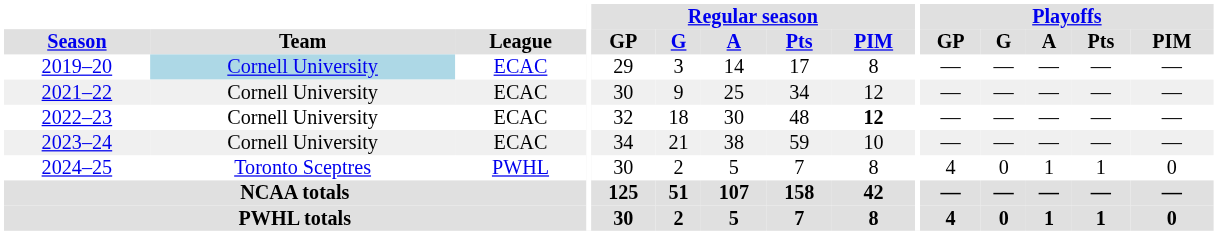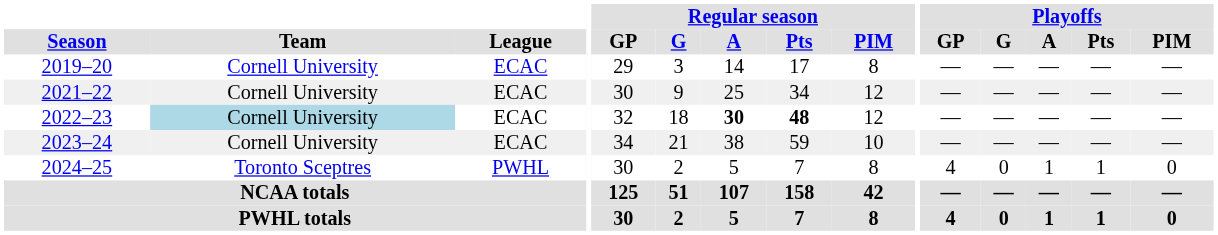 <table border="0" cellpadding="1" cellspacing="0" style="text-align:center; width:60em">
 <tr bgcolor="#e0e0e0">
 <th colspan="3" bgcolor="#ffffff"></th>
 <th rowspan="99" bgcolor="#ffffff"></th>
 <th colspan="5"><a href='#'>Regular season</a></th>
 <th rowspan="99" bgcolor="#ffffff"></th>
 <th colspan="5"><a href='#'>Playoffs</a></th>
 </tr>
 <tr bgcolor="#e0e0e0">
 <th><a href='#'>Season</a></th>
 <th>Team</th>
 <th>League</th>
 <th>GP</th>
 <th><a href='#'>G</a></th>
 <th><a href='#'>A</a></th>
 <th><a href='#'>Pts</a></th>
 <th><a href='#'>PIM</a></th>
 <th>GP</th>
 <th>G</th>
 <th>A</th>
 <th>Pts</th>
 <th>PIM</th>
 </tr>
 <tr>
 <td><a href='#'>2019–20</a></td>
-<td style="background: lightblue;"><a href='#'>Cornell University</a></td>
+<td><a href='#'>Cornell University</a></td>
 <td><a href='#'>ECAC</a></td>
 <td>29</td>
 <td>3</td>
 <td>14</td>
 <td>17</td>
 <td>8</td>
 <td>—</td>
 <td>—</td>
 <td>—</td>
 <td>—</td>
 <td>—</td>
 </tr>
 <tr bgcolor="#f0f0f0">
 <td><a href='#'>2021–22</a></td>
 <td>Cornell University</td>
 <td>ECAC</td>
 <td>30</td>
 <td>9</td>
 <td>25</td>
 <td>34</td>
 <td>12</td>
 <td>—</td>
 <td>—</td>
 <td>—</td>
 <td>—</td>
 <td>—</td>
 </tr>
 <tr>
 <td><a href='#'>2022–23</a></td>
-<td>Cornell University</td>
+<td style="background: lightblue;">Cornell University</td>
 <td>ECAC</td>
 <td>32</td>
 <td>18</td>
-<td>30</td>
-<td>48</td>
-<td><strong>12</strong></td>
+<td><strong>30</strong></td>
+<td><strong>48</strong></td>
+<td>12</td>
 <td>—</td>
 <td>—</td>
 <td>—</td>
 <td>—</td>
 <td>—</td>
 </tr>
 <tr bgcolor="#f0f0f0">
 <td><a href='#'>2023–24</a></td>
 <td>Cornell University</td>
 <td>ECAC</td>
 <td>34</td>
 <td>21</td>
 <td>38</td>
 <td>59</td>
 <td>10</td>
 <td>—</td>
 <td>—</td>
 <td>—</td>
 <td>—</td>
 <td>—</td>
 </tr>
 <tr>
 <td><a href='#'>2024–25</a></td>
 <td><a href='#'>Toronto Sceptres</a></td>
 <td><a href='#'>PWHL</a></td>
 <td>30</td>
 <td>2</td>
 <td>5</td>
 <td>7</td>
 <td>8</td>
 <td>4</td>
 <td>0</td>
 <td>1</td>
 <td>1</td>
 <td>0</td>
 </tr>
 <tr bgcolor="#e0e0e0">
 <th colspan="3">NCAA totals</th>
 <th>125</th>
 <th>51</th>
 <th>107</th>
 <th>158</th>
 <th>42</th>
 <th>—</th>
 <th>—</th>
 <th>—</th>
 <th>—</th>
 <th>—</th>
 </tr>
 <tr bgcolor="#e0e0e0">
 <th colspan="3">PWHL totals</th>
 <th>30</th>
 <th>2</th>
 <th>5</th>
 <th>7</th>
 <th>8</th>
 <th>4</th>
 <th>0</th>
 <th>1</th>
 <th>1</th>
 <th>0</th>
 </tr>
 </table>
